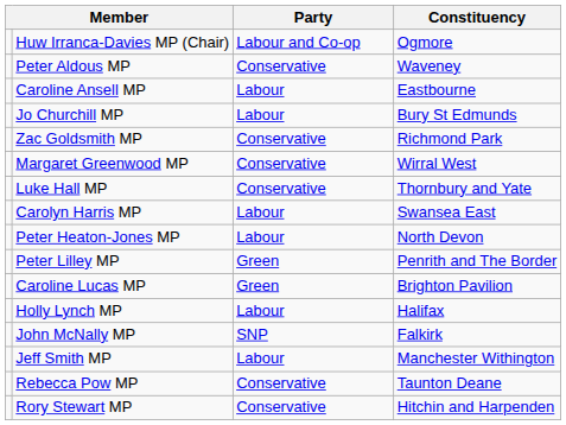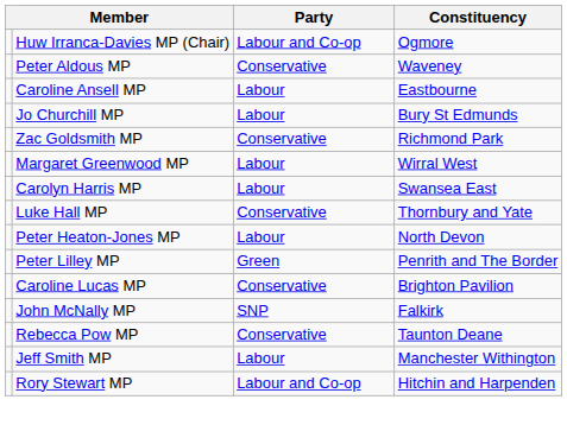 <table class="wikitable">
 <tr>
 <th colspan="2" valign="top" width="160px">Member</th>
 <th valign="top" width="160px">Party</th>
 <th valign="top">Constituency</th>
 </tr>
 <tr>
 <td style="color:inherit;background:"></td>
 <td><a href='#'>Huw Irranca-Davies</a> MP (Chair)</td>
 <td><a href='#'>Labour and Co-op</a></td>
 <td><a href='#'>Ogmore</a></td>
 </tr>
 <tr>
 <td style="color:inherit;background:"></td>
 <td><a href='#'>Peter Aldous</a> MP</td>
 <td><a href='#'>Conservative</a></td>
 <td><a href='#'>Waveney</a></td>
 </tr>
 <tr>
 <td style="color:inherit;background:"></td>
 <td><a href='#'>Caroline Ansell</a> MP</td>
 <td><a href='#'>Labour</a></td>
 <td><a href='#'>Eastbourne</a></td>
 </tr>
 <tr>
 <td style="color:inherit;background:"></td>
 <td><a href='#'>Jo Churchill</a> MP</td>
 <td><a href='#'>Labour</a></td>
 <td><a href='#'>Bury St Edmunds</a></td>
 </tr>
 <tr>
 <td style="color:inherit;background:"></td>
 <td><a href='#'>Zac Goldsmith</a> MP</td>
 <td><a href='#'>Conservative</a></td>
 <td><a href='#'>Richmond Park</a></td>
 </tr>
 <tr>
 <td style="color:inherit;background:"></td>
 <td><a href='#'>Margaret Greenwood</a> MP</td>
-<td><a href='#'>Conservative</a></td>
+<td><a href='#'>Labour</a></td>
 <td><a href='#'>Wirral West</a></td>
+</tr>
+<tr>
+<td style="color:inherit;background:"></td>
+<td><a href='#'>Carolyn Harris</a> MP</td>
+<td><a href='#'>Labour</a></td>
+<td><a href='#'>Swansea East</a></td>
 </tr>
 <tr>
 <td style="color:inherit;background:"></td>
 <td><a href='#'>Luke Hall</a> MP</td>
 <td><a href='#'>Conservative</a></td>
 <td><a href='#'>Thornbury and Yate</a></td>
-</tr>
-<tr>
-<td style="color:inherit;background:"></td>
-<td><a href='#'>Carolyn Harris</a> MP</td>
-<td><a href='#'>Labour</a></td>
-<td><a href='#'>Swansea East</a></td>
 </tr>
 <tr>
 <td style="color:inherit;background:"></td>
 <td><a href='#'>Peter Heaton-Jones</a> MP</td>
 <td><a href='#'>Labour</a></td>
 <td><a href='#'>North Devon</a></td>
 </tr>
 <tr>
 <td style="color:inherit;background:"></td>
 <td><a href='#'>Peter Lilley</a> MP</td>
 <td><a href='#'>Green</a></td>
 <td><a href='#'>Penrith and The Border</a></td>
 </tr>
 <tr>
 <td style="color:inherit;background:"></td>
 <td><a href='#'>Caroline Lucas</a> MP</td>
-<td><a href='#'>Green</a></td>
+<td><a href='#'>Conservative</a></td>
 <td><a href='#'>Brighton Pavilion</a></td>
-</tr>
-<tr>
-<td style="color:inherit;background:"></td>
-<td><a href='#'>Holly Lynch</a> MP</td>
-<td><a href='#'>Labour</a></td>
-<td><a href='#'>Halifax</a></td>
 </tr>
 <tr>
 <td style="color:inherit;background:"></td>
 <td><a href='#'>John McNally</a> MP</td>
 <td><a href='#'>SNP</a></td>
 <td><a href='#'>Falkirk</a></td>
 </tr>
 <tr>
 <td style="color:inherit;background:"></td>
+<td><a href='#'>Rebecca Pow</a> MP</td>
+<td><a href='#'>Conservative</a></td>
+<td><a href='#'>Taunton Deane</a></td>
+</tr>
+<tr>
+<td style="color:inherit;background:"></td>
 <td><a href='#'>Jeff Smith</a> MP</td>
 <td><a href='#'>Labour</a></td>
 <td><a href='#'>Manchester Withington</a></td>
 </tr>
 <tr>
 <td style="color:inherit;background:"></td>
-<td><a href='#'>Rebecca Pow</a> MP</td>
-<td><a href='#'>Conservative</a></td>
-<td><a href='#'>Taunton Deane</a></td>
-</tr>
-<tr>
-<td style="color:inherit;background:"></td>
 <td><a href='#'>Rory Stewart</a> MP</td>
-<td><a href='#'>Conservative</a></td>
+<td><a href='#'>Labour and Co-op</a></td>
 <td><a href='#'>Hitchin and Harpenden</a></td>
 </tr>
 </table>
